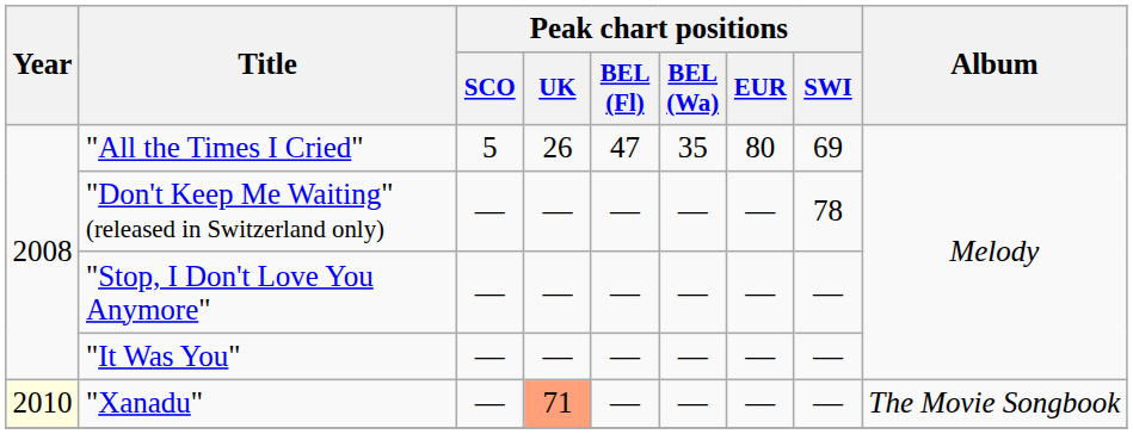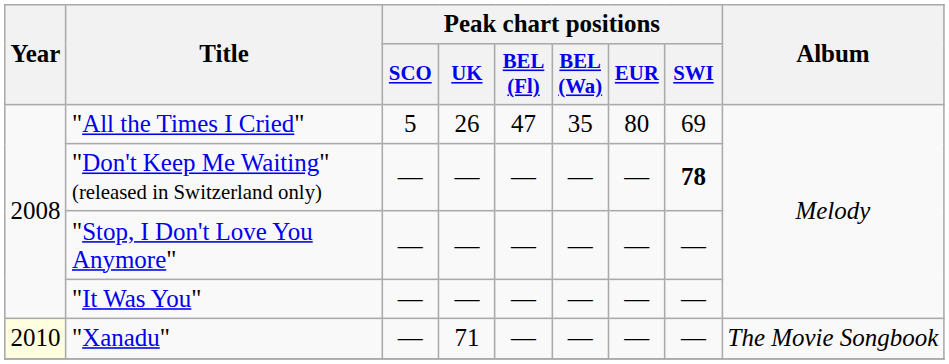 <table class="wikitable" style="text-align:center;">
 <tr>
 <th rowspan="2">Year</th>
 <th rowspan="2" width="195">Title</th>
 <th colspan="6">Peak chart positions</th>
 <th rowspan="2">Album</th>
 </tr>
 <tr style="font-size:smaller; line-height:1.2">
 <th width="30"><a href='#'>SCO</a><br></th>
 <th width="30"><a href='#'>UK</a><br></th>
 <th width="30"><a href='#'>BEL (Fl)</a><br></th>
 <th width="30"><a href='#'>BEL (Wa)</a><br></th>
 <th width="30"><a href='#'>EUR</a><br></th>
 <th width="30"><a href='#'>SWI</a><br></th>
 </tr>
 <tr>
 <td rowspan="4">2008</td>
 <td align="left">"<a href='#'>All the Times I Cried</a>"</td>
 <td>5</td>
 <td>26</td>
 <td>47</td>
 <td>35</td>
 <td>80</td>
 <td>69</td>
 <td align="centre" rowspan="4"><em>Melody</em></td>
 </tr>
 <tr>
 <td align="left">"<a href='#'>Don't Keep Me Waiting</a>" <br><small>(released in Switzerland only)</small></td>
 <td>—</td>
 <td>—</td>
 <td>—</td>
 <td>—</td>
 <td>—</td>
-<td>78</td>
+<td><strong>78</strong></td>
 </tr>
 <tr>
 <td align="left">"<a href='#'>Stop, I Don't Love You Anymore</a>"</td>
 <td>—</td>
 <td>—</td>
 <td>—</td>
 <td>—</td>
 <td>—</td>
 <td>—</td>
 </tr>
 <tr>
 <td align="left">"<a href='#'>It Was You</a>"</td>
 <td>—</td>
 <td>—</td>
 <td>—</td>
 <td>—</td>
 <td>—</td>
 <td>—</td>
 </tr>
 <tr>
 <td style="background: lightyellow;">2010</td>
 <td align="left">"<a href='#'>Xanadu</a>"</td>
 <td>—</td>
-<td style="background: lightsalmon;">71</td>
+<td>71</td>
 <td>—</td>
 <td>—</td>
 <td>—</td>
 <td>—</td>
 <td><em>The Movie Songbook</em></td>
 </tr>
 <tr>
 </tr>
 </table>
